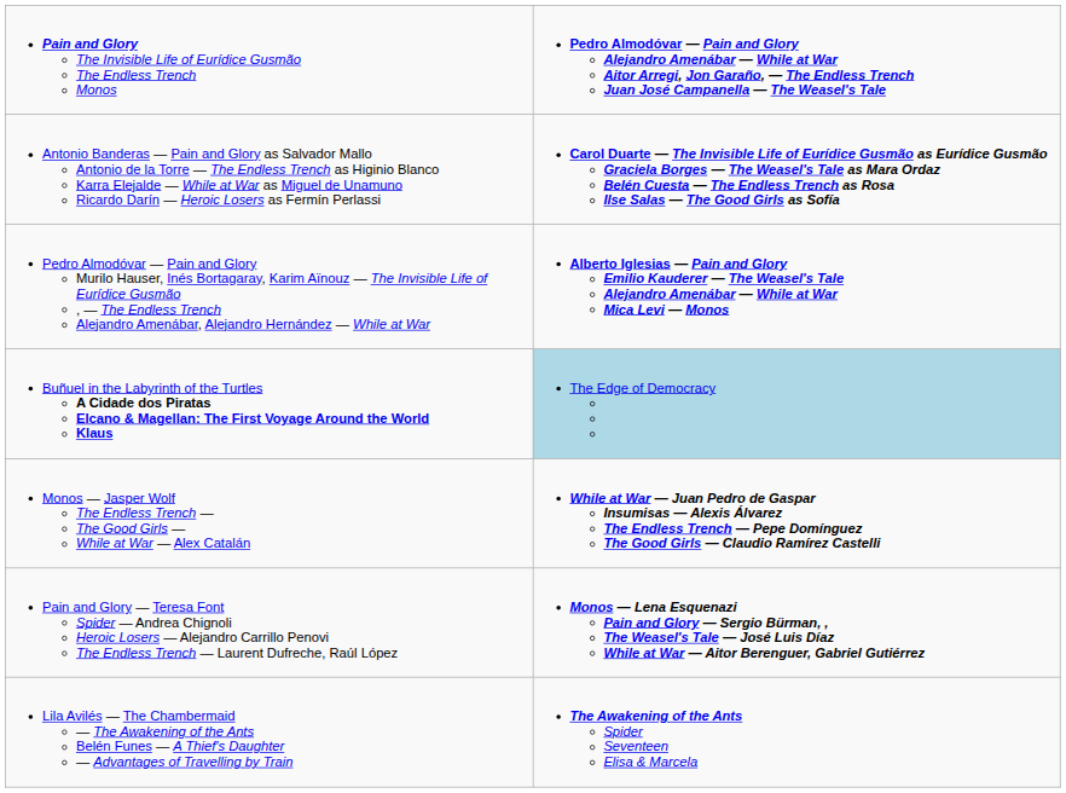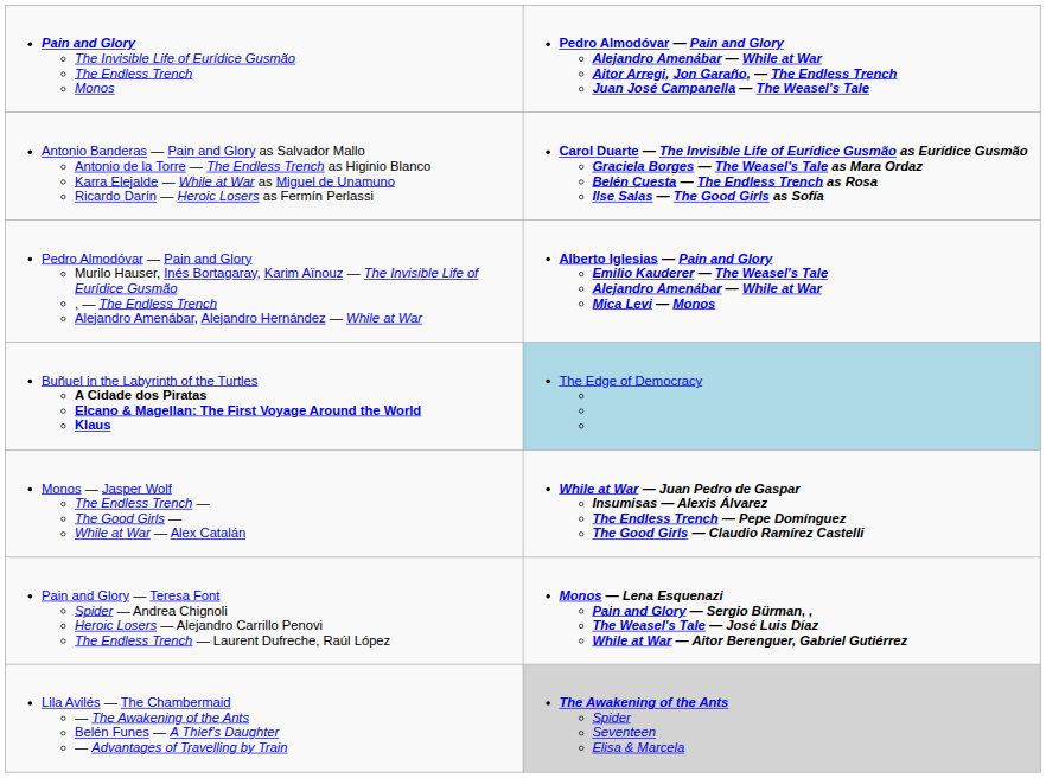 <table class=wikitable style="width="100%">
 <tr>
 <td style="vertical-align:top;" width="50%"><br><ul><li><strong><em><a href='#'>Pain and Glory</a></em></strong><ul><li><em><a href='#'>The Invisible Life of Eurídice Gusmão</a></em></li><li><em><a href='#'>The Endless Trench</a></em></li><li><em><a href='#'>Monos</a></em></li></ul></li></ul></td>
 <td style="vertical-align:top;" width="50%"><br><ul><li><strong><a href='#'>Pedro Almodóvar</a> — <em><a href='#'>Pain and Glory</a><strong><em><ul><li><a href='#'>Alejandro Amenábar</a> — </em><a href='#'>While at War</a><em></li><li><a href='#'>Aitor Arregi</a>, <a href='#'>Jon Garaño</a>,  — </em><a href='#'>The Endless Trench</a><em></li><li><a href='#'>Juan José Campanella</a> — </em><a href='#'>The Weasel's Tale</a><em></li></ul></li></ul></td>
 </tr>
 <tr>
 <td style="vertical-align:top;" width="50%"><br><ul><li></strong><a href='#'>Antonio Banderas</a> — </em><a href='#'>Pain and Glory</a></em></strong> as Salvador Mallo<ul><li><a href='#'>Antonio de la Torre</a> — <em><a href='#'>The Endless Trench</a></em> as Higinio Blanco</li><li><a href='#'>Karra Elejalde</a> — <em><a href='#'>While at War</a></em> as <a href='#'>Miguel de Unamuno</a></li><li><a href='#'>Ricardo Darín</a> — <em><a href='#'>Heroic Losers</a></em> as Fermín Perlassi</li></ul></li></ul></td>
 <td style="vertical-align:top;" width="50%"><br><ul><li><strong><a href='#'>Carol Duarte</a> — <em><a href='#'>The Invisible Life of Eurídice Gusmão</a><strong><em> as Eurídice Gusmão<ul><li><a href='#'>Graciela Borges</a> — </em><a href='#'>The Weasel's Tale</a><em> as Mara Ordaz</li><li><a href='#'>Belén Cuesta</a> — </em><a href='#'>The Endless Trench</a><em> as Rosa</li><li><a href='#'>Ilse Salas</a> — </em><a href='#'>The Good Girls</a><em> as Sofía</li></ul></li></ul></td>
 </tr>
 <tr>
 <td style="vertical-align:top;" width="50%"><br><ul><li></strong><a href='#'>Pedro Almodóvar</a> — </em><a href='#'>Pain and Glory</a></em></strong><ul><li>Murilo Hauser, <a href='#'>Inés Bortagaray</a>, <a href='#'>Karim Aïnouz</a> — <em><a href='#'>The Invisible Life of Eurídice Gusmão</a></em></li><li>,  — <em><a href='#'>The Endless Trench</a></em></li><li><a href='#'>Alejandro Amenábar</a>, <a href='#'>Alejandro Hernández</a> — <em><a href='#'>While at War</a></em></li></ul></li></ul></td>
 <td style="vertical-align:top;" width="50%"><br><ul><li><strong><a href='#'>Alberto Iglesias</a> — <em><a href='#'>Pain and Glory</a><strong><em><ul><li><a href='#'>Emilio Kauderer</a> — </em><a href='#'>The Weasel's Tale</a><em></li><li><a href='#'>Alejandro Amenábar</a> — </em><a href='#'>While at War</a><em></li><li><a href='#'>Mica Levi</a> — </em><a href='#'>Monos</a><em></li></ul></li></ul></td>
 </tr>
 <tr>
 <td style="vertical-align:top;" width="50%"><br><ul><li></em></strong><a href='#'>Buñuel in the Labyrinth of the Turtles</a><strong><em><ul><li></em>A Cidade dos Piratas<em></li><li></em><a href='#'>Elcano & Magellan: The First Voyage Around the World</a><em></li><li></em><a href='#'>Klaus</a><em></li></ul></li></ul></td>
 <td style="background: lightblue; vertical-align:top;" width="50%"><br><ul><li></em></strong><a href='#'>The Edge of Democracy</a><strong><em><ul><li></em><em></li><li></em><em></li><li></em><em></li></ul></li></ul></td>
 </tr>
 <tr>
 <td style="vertical-align:top;" width="50%"><br><ul><li></em></strong><a href='#'>Monos</a></em> — <a href='#'>Jasper Wolf</a></strong><ul><li><em><a href='#'>The Endless Trench</a></em> — </li><li><em><a href='#'>The Good Girls</a></em> — </li><li><em><a href='#'>While at War</a></em> — <a href='#'>Alex Catalán</a></li></ul></li></ul></td>
 <td style="vertical-align:top;" width="50%"><br><ul><li><strong><em><a href='#'>While at War</a><em> — Juan Pedro de Gaspar<strong><ul><li></em>Insumisas<em> — Alexis Álvarez</li><li></em><a href='#'>The Endless Trench</a><em> — Pepe Domínguez</li><li></em><a href='#'>The Good Girls</a><em> — Claudio Ramírez Castelli</li></ul></li></ul></td>
 </tr>
 <tr>
 <td style="vertical-align:top;" width="50%"><br><ul><li></em></strong><a href='#'>Pain and Glory</a></em> — <a href='#'>Teresa Font</a></strong><ul><li><em><a href='#'>Spider</a></em> — Andrea Chignoli</li><li><em><a href='#'>Heroic Losers</a></em> — Alejandro Carrillo Penovi</li><li><em><a href='#'>The Endless Trench</a></em> — Laurent Dufreche, Raúl López</li></ul></li></ul></td>
 <td style="vertical-align:top;" width="50%"><br><ul><li><strong><em><a href='#'>Monos</a><em> — Lena Esquenazi<strong><ul><li></em><a href='#'>Pain and Glory</a><em> — Sergio Bürman, , </li><li></em><a href='#'>The Weasel's Tale</a><em> — José Luis Díaz</li><li></em><a href='#'>While at War</a><em> — Aitor Berenguer, Gabriel Gutiérrez</li></ul></li></ul></td>
 </tr>
 <tr>
 <td style="vertical-align:top;" width="50%"><br><ul><li></strong><a href='#'>Lila Avilés</a> — </em><a href='#'>The Chambermaid</a></em></strong><ul><li> — <em><a href='#'>The Awakening of the Ants</a></em></li><li><a href='#'>Belén Funes</a> — <em><a href='#'>A Thief's Daughter</a></em></li><li> — <em><a href='#'>Advantages of Travelling by Train</a></em></li></ul></li></ul></td>
-<td style="vertical-align:top;" width="50%"><br><ul><li><strong><em><a href='#'>The Awakening of the Ants</a></em></strong><ul><li><em><a href='#'>Spider</a></em></li><li><em><a href='#'>Seventeen</a></em></li><li><em><a href='#'>Elisa & Marcela</a></em></li></ul></li></ul></td>
+<td style="background: lightgrey; vertical-align:top;" width="50%"><br><ul><li><strong><em><a href='#'>The Awakening of the Ants</a></em></strong><ul><li><em><a href='#'>Spider</a></em></li><li><em><a href='#'>Seventeen</a></em></li><li><em><a href='#'>Elisa & Marcela</a></em></li></ul></li></ul></td>
 </tr>
 </table>
